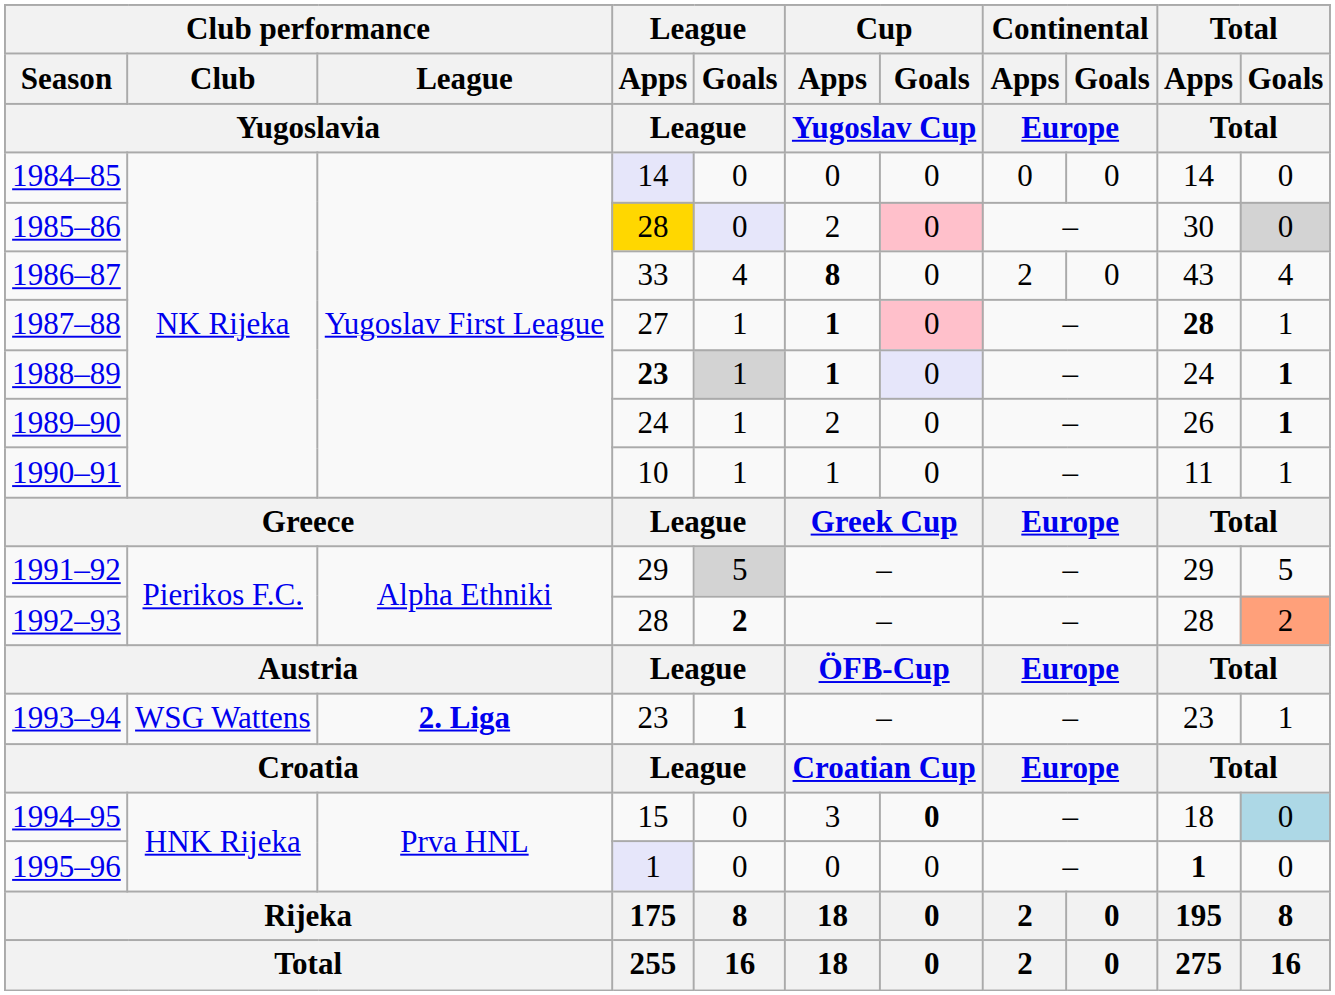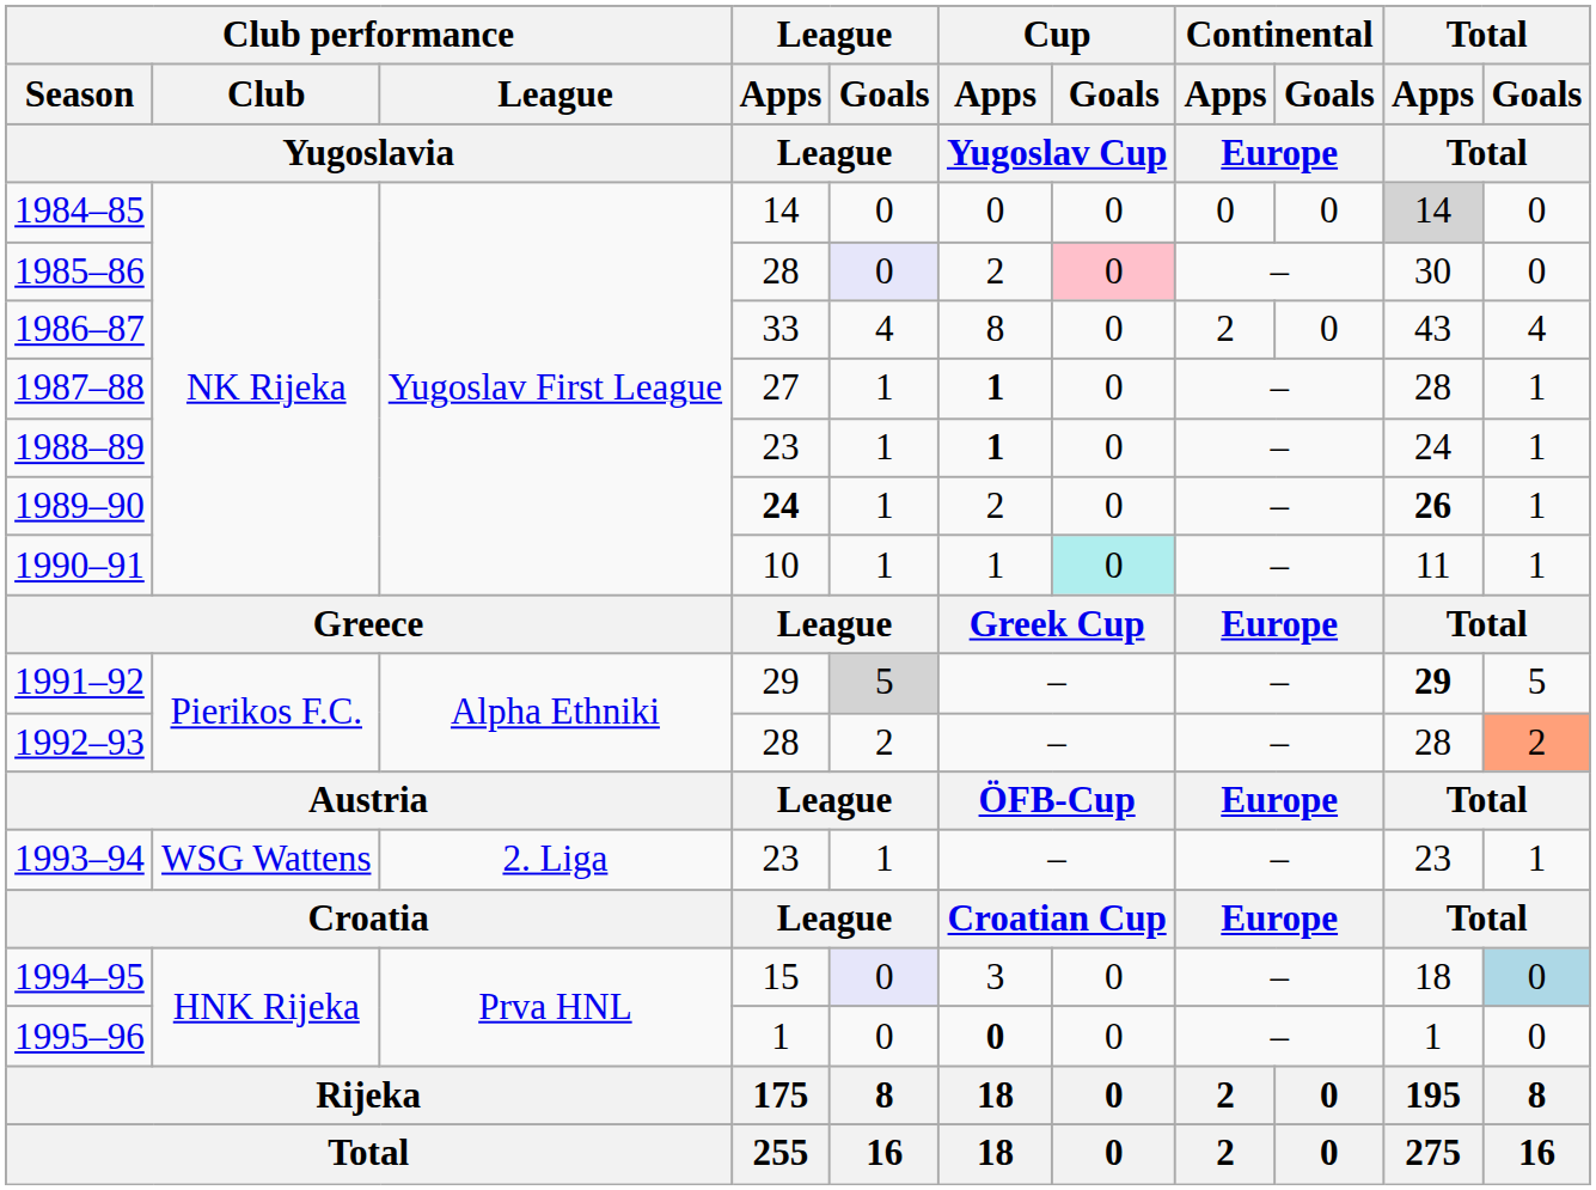 <table class="wikitable" style="text-align:center;">
 <tr>
 <th colspan=3>Club performance</th>
 <th colspan=2>League</th>
 <th colspan=2>Cup</th>
 <th colspan=2>Continental</th>
 <th colspan=2>Total</th>
 </tr>
 <tr>
 <th>Season</th>
 <th>Club</th>
 <th>League</th>
 <th>Apps</th>
 <th>Goals</th>
 <th>Apps</th>
 <th>Goals</th>
 <th>Apps</th>
 <th>Goals</th>
 <th>Apps</th>
 <th>Goals</th>
 </tr>
 <tr>
 <th colspan=3>Yugoslavia</th>
 <th colspan=2>League</th>
 <th colspan=2><a href='#'>Yugoslav Cup</a></th>
 <th colspan=2><a href='#'>Europe</a></th>
 <th colspan=2>Total</th>
 </tr>
 <tr>
 <td><a href='#'>1984–85</a></td>
 <td rowspan="7"><a href='#'>NK Rijeka</a></td>
 <td rowspan="7"><a href='#'>Yugoslav First League</a></td>
-<td style="background: lavender;">14</td>
+<td>14</td>
 <td>0</td>
 <td>0</td>
 <td>0</td>
 <td>0</td>
 <td>0</td>
-<td>14</td>
+<td style="background: lightgrey;">14</td>
 <td>0</td>
 </tr>
 <tr>
 <td><a href='#'>1985–86</a></td>
-<td style="background: gold;">28</td>
+<td>28</td>
 <td style="background: lavender;">0</td>
 <td>2</td>
 <td style="background: pink;">0</td>
 <td colspan="2">–</td>
 <td>30</td>
-<td style="background: lightgrey;">0</td>
+<td>0</td>
 </tr>
 <tr>
 <td><a href='#'>1986–87</a></td>
 <td>33</td>
 <td>4</td>
-<td><strong>8</strong></td>
+<td>8</td>
 <td>0</td>
 <td>2</td>
 <td>0</td>
 <td>43</td>
 <td>4</td>
 </tr>
 <tr>
 <td><a href='#'>1987–88</a></td>
 <td>27</td>
 <td>1</td>
 <td><strong>1</strong></td>
-<td style="background: pink;">0</td>
+<td>0</td>
 <td colspan="2">–</td>
-<td><strong>28</strong></td>
+<td>28</td>
 <td>1</td>
 </tr>
 <tr>
 <td><a href='#'>1988–89</a></td>
-<td><strong>23</strong></td>
-<td style="background: lightgrey;">1</td>
+<td>23</td>
+<td>1</td>
 <td><strong>1</strong></td>
-<td style="background: lavender;">0</td>
+<td>0</td>
 <td colspan="2">–</td>
 <td>24</td>
-<td><strong>1</strong></td>
+<td>1</td>
 </tr>
 <tr>
 <td><a href='#'>1989–90</a></td>
-<td>24</td>
+<td><strong>24</strong></td>
 <td>1</td>
 <td>2</td>
 <td>0</td>
 <td colspan="2">–</td>
-<td>26</td>
-<td><strong>1</strong></td>
+<td><strong>26</strong></td>
+<td>1</td>
 </tr>
 <tr>
 <td><a href='#'>1990–91</a></td>
 <td>10</td>
 <td>1</td>
 <td>1</td>
-<td>0</td>
+<td style="background: paleturquoise;">0</td>
 <td colspan="2">–</td>
 <td>11</td>
 <td>1</td>
 </tr>
 <tr>
 <th colspan=3>Greece</th>
 <th colspan=2>League</th>
 <th colspan=2><a href='#'>Greek Cup</a></th>
 <th colspan=2><a href='#'>Europe</a></th>
 <th colspan=2>Total</th>
 </tr>
 <tr>
 <td><a href='#'>1991–92</a></td>
 <td rowspan="2"><a href='#'>Pierikos F.C.</a></td>
 <td rowspan="2"><a href='#'>Alpha Ethniki</a></td>
 <td>29</td>
 <td style="background: lightgrey;">5</td>
 <td colspan="2">–</td>
 <td colspan="2">–</td>
-<td>29</td>
+<td><strong>29</strong></td>
 <td>5</td>
 </tr>
 <tr>
 <td><a href='#'>1992–93</a></td>
 <td>28</td>
-<td><strong>2</strong></td>
+<td>2</td>
 <td colspan="2">–</td>
 <td colspan="2">–</td>
 <td>28</td>
 <td style="background: lightsalmon;">2</td>
 </tr>
 <tr>
 <th colspan=3>Austria</th>
 <th colspan=2>League</th>
 <th colspan=2><a href='#'>ÖFB-Cup</a></th>
 <th colspan=2><a href='#'>Europe</a></th>
 <th colspan=2>Total</th>
 </tr>
 <tr>
 <td><a href='#'>1993–94</a></td>
 <td rowspan="1"><a href='#'>WSG Wattens</a></td>
-<td rowspan="1"><strong><a href='#'>2. Liga</a></strong></td>
+<td rowspan="1"><a href='#'>2. Liga</a></td>
 <td>23</td>
-<td><strong>1</strong></td>
+<td>1</td>
 <td colspan="2">–</td>
 <td colspan="2">–</td>
 <td>23</td>
 <td>1</td>
 </tr>
 <tr>
 <th colspan=3>Croatia</th>
 <th colspan=2>League</th>
 <th colspan=2><a href='#'>Croatian Cup</a></th>
 <th colspan=2><a href='#'>Europe</a></th>
 <th colspan=2>Total</th>
 </tr>
 <tr>
 <td><a href='#'>1994–95</a></td>
 <td rowspan="2"><a href='#'>HNK Rijeka</a></td>
 <td rowspan="2"><a href='#'>Prva HNL</a></td>
 <td>15</td>
+<td style="background: lavender;">0</td>
+<td>3</td>
 <td>0</td>
-<td>3</td>
-<td><strong>0</strong></td>
 <td colspan="2">–</td>
 <td>18</td>
 <td style="background: lightblue;">0</td>
 </tr>
 <tr>
 <td><a href='#'>1995–96</a></td>
-<td style="background: lavender;">1</td>
+<td>1</td>
 <td>0</td>
-<td>0</td>
+<td><strong>0</strong></td>
 <td>0</td>
 <td colspan="2">–</td>
-<td><strong>1</strong></td>
+<td>1</td>
 <td>0</td>
 </tr>
 <tr>
 <th colspan=3>Rijeka</th>
 <th>175</th>
 <th>8</th>
 <th>18</th>
 <th>0</th>
 <th>2</th>
 <th>0</th>
 <th>195</th>
 <th>8</th>
 </tr>
 <tr>
 <th colspan=3>Total</th>
 <th>255</th>
 <th>16</th>
 <th>18</th>
 <th>0</th>
 <th>2</th>
 <th>0</th>
 <th>275</th>
 <th>16</th>
 </tr>
 </table>
